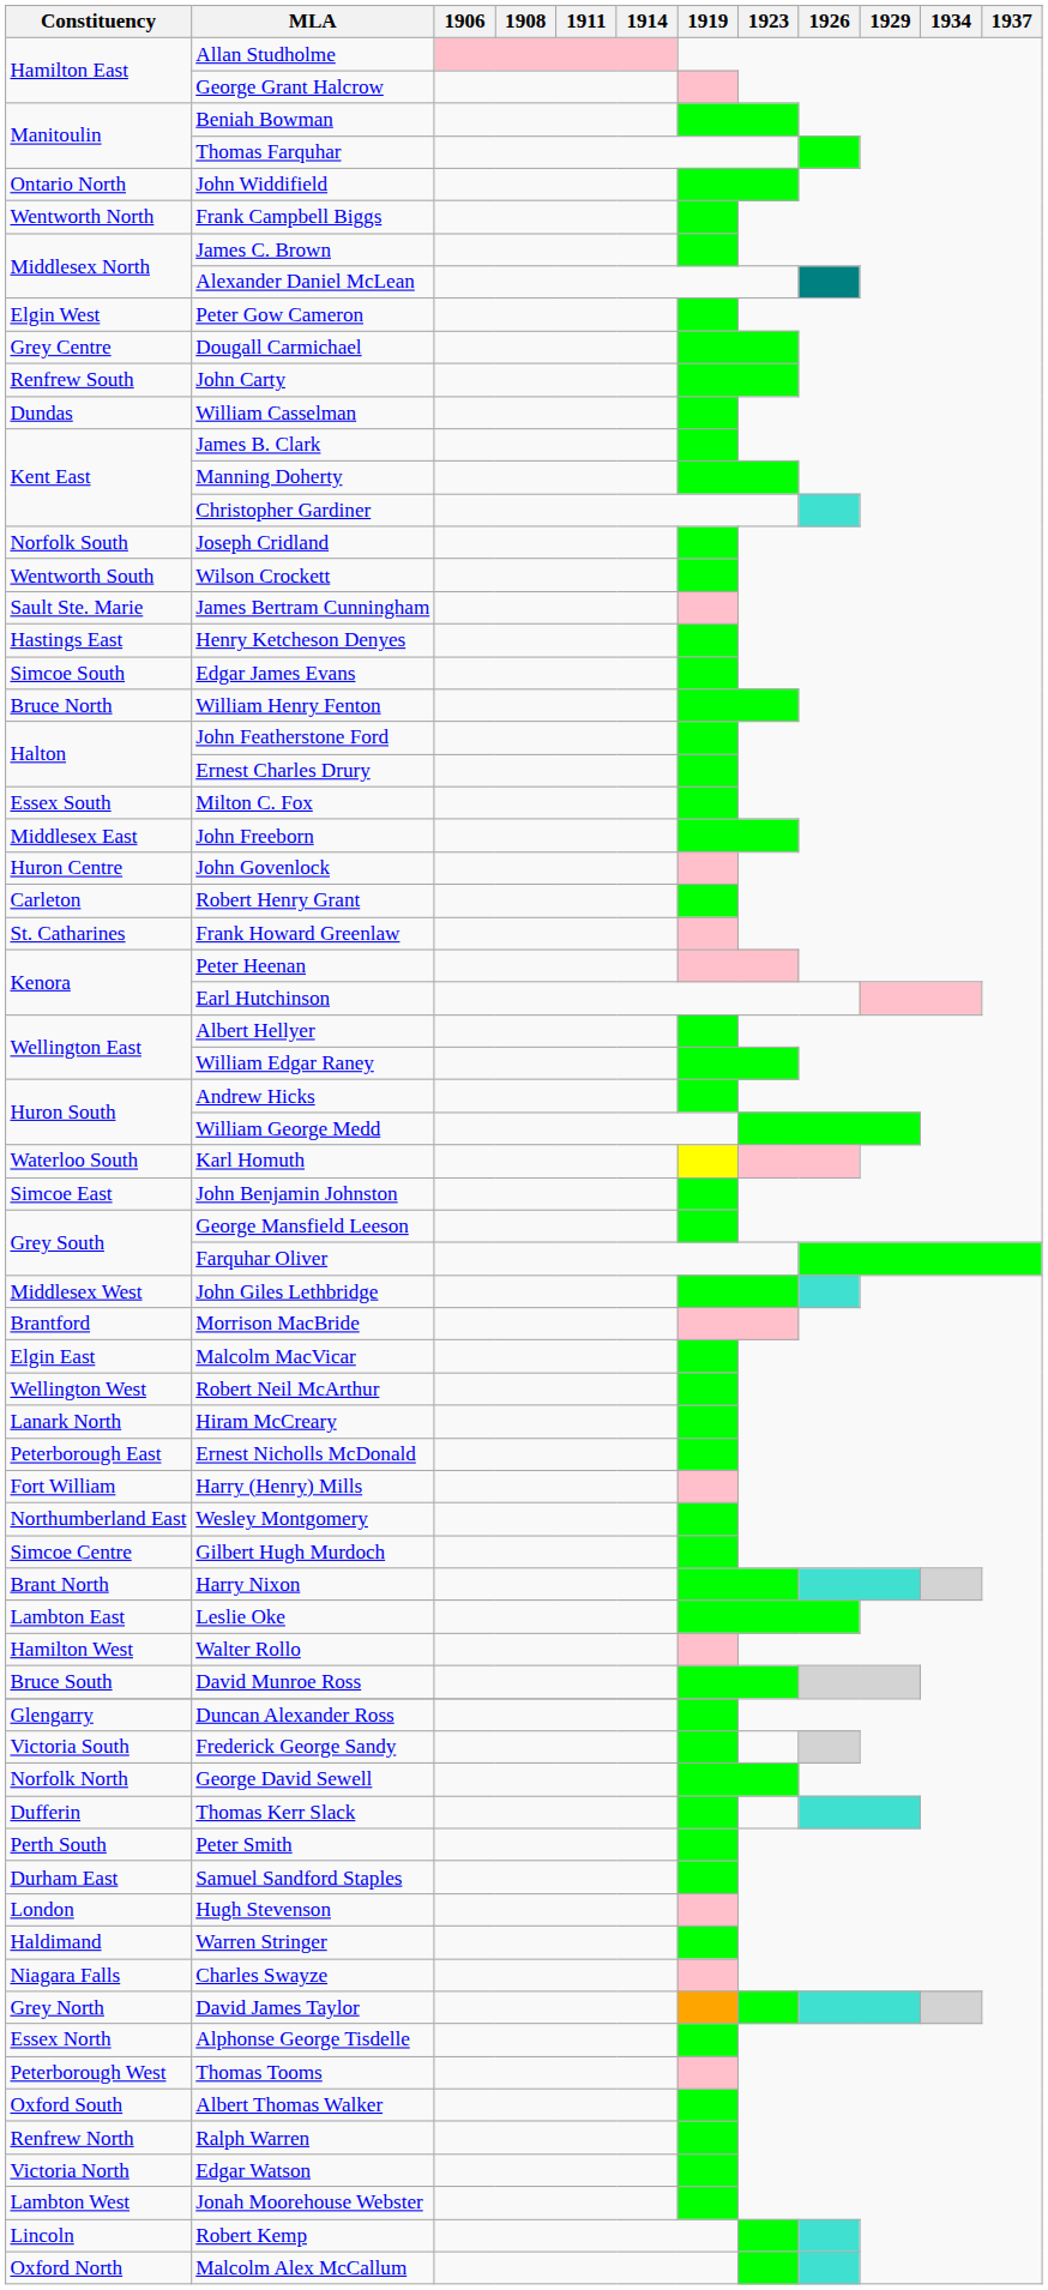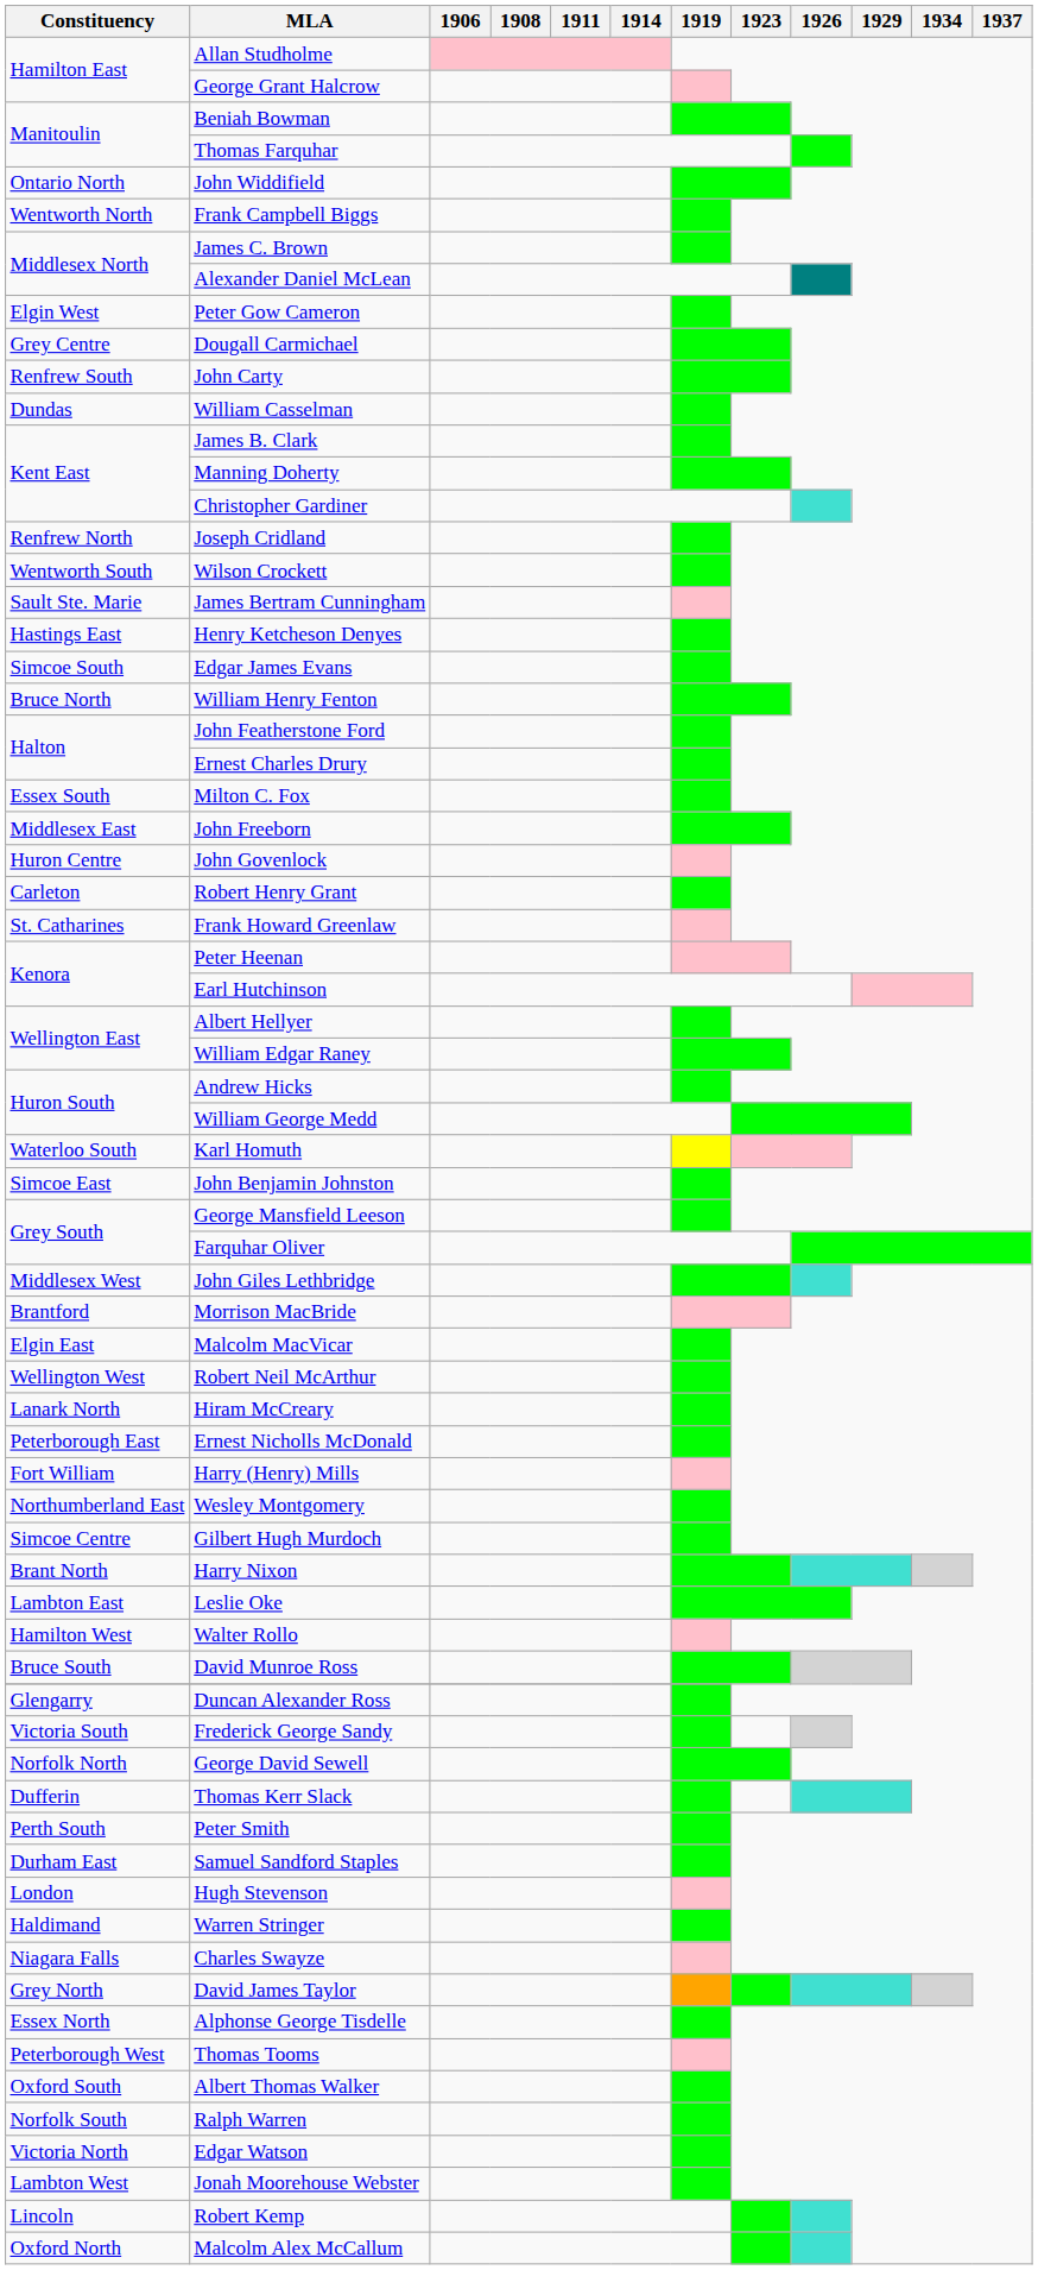 <table class="wikitable">
 <tr>
 <th>Constituency</th>
 <th>MLA</th>
 <th width = "40">1906</th>
 <th width = "40">1908</th>
 <th width = "40">1911</th>
 <th width = "40">1914</th>
 <th width = "40">1919</th>
 <th width = "40">1923</th>
 <th width = "40">1926</th>
 <th width = "40">1929</th>
 <th width = "40">1934</th>
 <th width = "40">1937</th>
 </tr>
 <tr>
 <td rowspan="2"><a href='#'>Hamilton East</a></td>
 <td><a href='#'>Allan Studholme</a></td>
 <td style="background:pink;" colspan="4"></td>
 </tr>
 <tr>
 <td><a href='#'>George Grant Halcrow</a></td>
 <td colspan="4"></td>
 <td style="background:pink;"></td>
 </tr>
 <tr>
 <td rowspan="2"><a href='#'>Manitoulin</a></td>
 <td><a href='#'>Beniah Bowman</a></td>
 <td colspan="4"></td>
 <td style="background:lime;" colspan="2"></td>
 </tr>
 <tr>
 <td><a href='#'>Thomas Farquhar</a></td>
 <td colspan="6"></td>
 <td style="background:lime;"></td>
 </tr>
 <tr>
 <td><a href='#'>Ontario North</a></td>
 <td><a href='#'>John Widdifield</a></td>
 <td colspan="4"></td>
 <td style="background:lime;" colspan="2"></td>
 </tr>
 <tr>
 <td><a href='#'>Wentworth North</a></td>
 <td><a href='#'>Frank Campbell Biggs</a></td>
 <td colspan="4"></td>
 <td style="background:lime;"></td>
 </tr>
 <tr>
 <td rowspan="2"><a href='#'>Middlesex North</a></td>
 <td><a href='#'>James C. Brown</a></td>
 <td colspan="4"></td>
 <td style="background:lime;"></td>
 </tr>
 <tr>
 <td><a href='#'>Alexander Daniel McLean</a></td>
 <td colspan="6"></td>
 <td style="background:teal;"></td>
 </tr>
 <tr>
 <td><a href='#'>Elgin West</a></td>
 <td><a href='#'>Peter Gow Cameron</a></td>
 <td colspan="4"></td>
 <td style="background:lime;"></td>
 </tr>
 <tr>
 <td><a href='#'>Grey Centre</a></td>
 <td><a href='#'>Dougall Carmichael</a></td>
 <td colspan="4"></td>
 <td style="background:lime;" colspan="2"></td>
 </tr>
 <tr>
 <td><a href='#'>Renfrew South</a></td>
 <td><a href='#'>John Carty</a></td>
 <td colspan="4"></td>
 <td style="background:lime;" colspan="2"></td>
 </tr>
 <tr>
 <td><a href='#'>Dundas</a></td>
 <td><a href='#'>William Casselman</a></td>
 <td colspan="4"></td>
 <td style="background:lime;"></td>
 </tr>
 <tr>
 <td rowspan="3"><a href='#'>Kent East</a></td>
 <td><a href='#'>James B. Clark</a></td>
 <td colspan="4"></td>
 <td style="background:lime;"></td>
 </tr>
 <tr>
 <td><a href='#'>Manning Doherty</a></td>
 <td colspan="4"></td>
 <td style="background:lime;" colspan="2"></td>
 </tr>
 <tr>
 <td><a href='#'>Christopher Gardiner</a></td>
 <td colspan="6"></td>
 <td style="background:turquoise;"></td>
 </tr>
 <tr>
-<td><a href='#'>Norfolk South</a></td>
+<td><a href='#'>Renfrew North</a></td>
 <td><a href='#'>Joseph Cridland</a></td>
 <td colspan="4"></td>
 <td style="background:lime;"></td>
 </tr>
 <tr>
 <td><a href='#'>Wentworth South</a></td>
 <td><a href='#'>Wilson Crockett</a></td>
 <td colspan="4"></td>
 <td style="background:lime;"></td>
 </tr>
 <tr>
 <td><a href='#'>Sault Ste. Marie</a></td>
 <td><a href='#'>James Bertram Cunningham</a></td>
 <td colspan="4"></td>
 <td style="background:pink;"></td>
 </tr>
 <tr>
 <td><a href='#'>Hastings East</a></td>
 <td><a href='#'>Henry Ketcheson Denyes</a></td>
 <td colspan="4"></td>
 <td style="background:lime;"></td>
 </tr>
 <tr>
 <td><a href='#'>Simcoe South</a></td>
 <td><a href='#'>Edgar James Evans</a></td>
 <td colspan="4"></td>
 <td style="background:lime;"></td>
 </tr>
 <tr>
 <td><a href='#'>Bruce North</a></td>
 <td><a href='#'>William Henry Fenton</a></td>
 <td colspan="4"></td>
 <td style="background:lime;" colspan="2"></td>
 </tr>
 <tr>
 <td rowspan="2"><a href='#'>Halton</a></td>
 <td><a href='#'>John Featherstone Ford</a></td>
 <td colspan="4"></td>
 <td style="background:lime;"></td>
 </tr>
 <tr>
 <td><a href='#'>Ernest Charles Drury</a></td>
 <td colspan="4"></td>
 <td style="background:lime;"></td>
 </tr>
 <tr>
 <td><a href='#'>Essex South</a></td>
 <td><a href='#'>Milton C. Fox</a></td>
 <td colspan="4"></td>
 <td style="background:lime;"></td>
 </tr>
 <tr>
 <td><a href='#'>Middlesex East</a></td>
 <td><a href='#'>John Freeborn</a></td>
 <td colspan="4"></td>
 <td style="background:lime;" colspan="2"></td>
 </tr>
 <tr>
 <td><a href='#'>Huron Centre</a></td>
 <td><a href='#'>John Govenlock</a></td>
 <td colspan="4"></td>
 <td style="background:pink;"></td>
 </tr>
 <tr>
 <td><a href='#'>Carleton</a></td>
 <td><a href='#'>Robert Henry Grant</a></td>
 <td colspan="4"></td>
 <td style="background:lime;"></td>
 </tr>
 <tr>
 <td><a href='#'>St. Catharines</a></td>
 <td><a href='#'>Frank Howard Greenlaw</a></td>
 <td colspan="4"></td>
 <td style="background:pink;"></td>
 </tr>
 <tr>
 <td rowspan="2"><a href='#'>Kenora</a></td>
 <td><a href='#'>Peter Heenan</a></td>
 <td colspan="4"></td>
 <td style="background:pink;" colspan="2"></td>
 </tr>
 <tr>
 <td><a href='#'>Earl Hutchinson</a></td>
 <td colspan="7"></td>
 <td style="background:pink;" colspan="2"></td>
 </tr>
 <tr>
 <td rowspan="2"><a href='#'>Wellington East</a></td>
 <td><a href='#'>Albert Hellyer</a></td>
 <td colspan="4"></td>
 <td style="background:lime;"></td>
 </tr>
 <tr>
 <td><a href='#'>William Edgar Raney</a></td>
 <td colspan="4"></td>
 <td style="background:lime;" colspan="2"></td>
 </tr>
 <tr>
 <td rowspan="2"><a href='#'>Huron South</a></td>
 <td><a href='#'>Andrew Hicks</a></td>
 <td colspan="4"></td>
 <td style="background:lime;"></td>
 </tr>
 <tr>
 <td><a href='#'>William George Medd</a></td>
 <td colspan="5"></td>
 <td style="background:lime;" colspan="3"></td>
 </tr>
 <tr>
 <td><a href='#'>Waterloo South</a></td>
 <td><a href='#'>Karl Homuth</a></td>
 <td colspan="4"></td>
 <td style="background:yellow;"></td>
 <td style="background:pink;" colspan="2"></td>
 </tr>
 <tr>
 <td><a href='#'>Simcoe East</a></td>
 <td><a href='#'>John Benjamin Johnston</a></td>
 <td colspan="4"></td>
 <td style="background:lime;"></td>
 </tr>
 <tr>
 <td rowspan="2"><a href='#'>Grey South</a></td>
 <td><a href='#'>George Mansfield Leeson</a></td>
 <td colspan="4"></td>
 <td style="background:lime;"></td>
 </tr>
 <tr>
 <td><a href='#'>Farquhar Oliver</a></td>
 <td colspan="6"></td>
 <td style="background:lime;" colspan="4"></td>
 </tr>
 <tr>
 <td><a href='#'>Middlesex West</a></td>
 <td><a href='#'>John Giles Lethbridge</a></td>
 <td colspan="4"></td>
 <td style="background:lime;" colspan="2"></td>
 <td style="background:turquoise;"></td>
 </tr>
 <tr>
 <td><a href='#'>Brantford</a></td>
 <td><a href='#'>Morrison MacBride</a></td>
 <td colspan="4"></td>
 <td style="background:pink;" colspan="2"></td>
 </tr>
 <tr>
 <td><a href='#'>Elgin East</a></td>
 <td><a href='#'>Malcolm MacVicar</a></td>
 <td colspan="4"></td>
 <td style="background:lime;"></td>
 </tr>
 <tr>
 <td><a href='#'>Wellington West</a></td>
 <td><a href='#'>Robert Neil McArthur</a></td>
 <td colspan="4"></td>
 <td style="background:lime;"></td>
 </tr>
 <tr>
 <td><a href='#'>Lanark North</a></td>
 <td><a href='#'>Hiram McCreary</a></td>
 <td colspan="4"></td>
 <td style="background:lime;"></td>
 </tr>
 <tr>
 <td><a href='#'>Peterborough East</a></td>
 <td><a href='#'>Ernest Nicholls McDonald</a></td>
 <td colspan="4"></td>
 <td style="background:lime;"></td>
 </tr>
 <tr>
 <td><a href='#'>Fort William</a></td>
 <td><a href='#'>Harry (Henry) Mills</a></td>
 <td colspan="4"></td>
 <td style="background:pink;"></td>
 </tr>
 <tr>
 <td><a href='#'>Northumberland East</a></td>
 <td><a href='#'>Wesley Montgomery</a></td>
 <td colspan="4"></td>
 <td style="background:lime;"></td>
 </tr>
 <tr>
 <td><a href='#'>Simcoe Centre</a></td>
 <td><a href='#'>Gilbert Hugh Murdoch</a></td>
 <td colspan="4"></td>
 <td style="background:lime;"></td>
 </tr>
 <tr>
 <td><a href='#'>Brant North</a></td>
 <td><a href='#'>Harry Nixon</a></td>
 <td colspan="4"></td>
 <td style="background:lime;" colspan="2"></td>
 <td style="background:turquoise;" colspan="2"></td>
 <td style="background:lightgray;"></td>
 </tr>
 <tr>
 <td><a href='#'>Lambton East</a></td>
 <td><a href='#'>Leslie Oke</a></td>
 <td colspan="4"></td>
 <td style="background:lime;" colspan="3"></td>
 </tr>
 <tr>
 <td><a href='#'>Hamilton West</a></td>
 <td><a href='#'>Walter Rollo</a></td>
 <td colspan="4"></td>
 <td style="background:pink;"></td>
 </tr>
 <tr>
 <td><a href='#'>Bruce South</a></td>
 <td><a href='#'>David Munroe Ross</a></td>
 <td colspan="4"></td>
 <td style="background:lime;" colspan="2"></td>
 <td style="background:lightgray;" colspan="2"></td>
 </tr>
 <tr>
 </tr>
 <tr>
 <td><a href='#'>Glengarry</a></td>
 <td><a href='#'>Duncan Alexander Ross</a></td>
 <td colspan="4"></td>
 <td style="background:lime;"></td>
 </tr>
 <tr>
 <td><a href='#'>Victoria South</a></td>
 <td><a href='#'>Frederick George Sandy</a></td>
 <td colspan="4"></td>
 <td style="background:lime;"></td>
 <td></td>
 <td style="background:lightgray;"></td>
 </tr>
 <tr>
 <td><a href='#'>Norfolk North</a></td>
 <td><a href='#'>George David Sewell</a></td>
 <td colspan="4"></td>
 <td style="background:lime;" colspan="2"></td>
 </tr>
 <tr>
 <td><a href='#'>Dufferin</a></td>
 <td><a href='#'>Thomas Kerr Slack</a></td>
 <td colspan="4"></td>
 <td style="background:lime;"></td>
 <td></td>
 <td style="background:turquoise;" colspan="2"></td>
 </tr>
 <tr>
 <td><a href='#'>Perth South</a></td>
 <td><a href='#'>Peter Smith</a></td>
 <td colspan="4"></td>
 <td style="background:lime;"></td>
 </tr>
 <tr>
 <td><a href='#'>Durham East</a></td>
 <td><a href='#'>Samuel Sandford Staples</a></td>
 <td colspan="4"></td>
 <td style="background:lime;"></td>
 </tr>
 <tr>
 <td><a href='#'>London</a></td>
 <td><a href='#'>Hugh Stevenson</a></td>
 <td colspan="4"></td>
 <td style="background:pink;"></td>
 </tr>
 <tr>
 <td><a href='#'>Haldimand</a></td>
 <td><a href='#'>Warren Stringer</a></td>
 <td colspan="4"></td>
 <td style="background:lime;"></td>
 </tr>
 <tr>
 <td><a href='#'>Niagara Falls</a></td>
 <td><a href='#'>Charles Swayze</a></td>
 <td colspan="4"></td>
 <td style="background:pink;"></td>
 </tr>
 <tr>
 <td><a href='#'>Grey North</a></td>
 <td><a href='#'>David James Taylor</a></td>
 <td colspan="4"></td>
 <td style="background:orange;"></td>
 <td style="background:lime;"></td>
 <td style="background:turquoise;" colspan="2"></td>
 <td style="background:lightgray;"></td>
 </tr>
 <tr>
 <td><a href='#'>Essex North</a></td>
 <td><a href='#'>Alphonse George Tisdelle</a></td>
 <td colspan="4"></td>
 <td style="background:lime;"></td>
 </tr>
 <tr>
 <td><a href='#'>Peterborough West</a></td>
 <td><a href='#'>Thomas Tooms</a></td>
 <td colspan="4"></td>
 <td style="background:pink;"></td>
 </tr>
 <tr>
 <td><a href='#'>Oxford South</a></td>
 <td><a href='#'>Albert Thomas Walker</a></td>
 <td colspan="4"></td>
 <td style="background:lime;"></td>
 </tr>
 <tr>
-<td><a href='#'>Renfrew North</a></td>
+<td><a href='#'>Norfolk South</a></td>
 <td><a href='#'>Ralph Warren</a></td>
 <td colspan="4"></td>
 <td style="background:lime;"></td>
 </tr>
 <tr>
 <td><a href='#'>Victoria North</a></td>
 <td><a href='#'>Edgar Watson</a></td>
 <td colspan="4"></td>
 <td style="background:lime;"></td>
 </tr>
 <tr>
 <td><a href='#'>Lambton West</a></td>
 <td><a href='#'>Jonah Moorehouse Webster</a></td>
 <td colspan="4"></td>
 <td style="background:lime;"></td>
 </tr>
 <tr>
 <td><a href='#'>Lincoln</a></td>
 <td><a href='#'>Robert Kemp</a></td>
 <td colspan="5"></td>
 <td style="background:lime;"></td>
 <td style="background:turquoise;"></td>
 </tr>
 <tr>
 <td><a href='#'>Oxford North</a></td>
 <td><a href='#'>Malcolm Alex McCallum</a></td>
 <td colspan="5"></td>
 <td style="background:lime;"></td>
 <td style="background:turquoise;"></td>
 </tr>
 </table>
